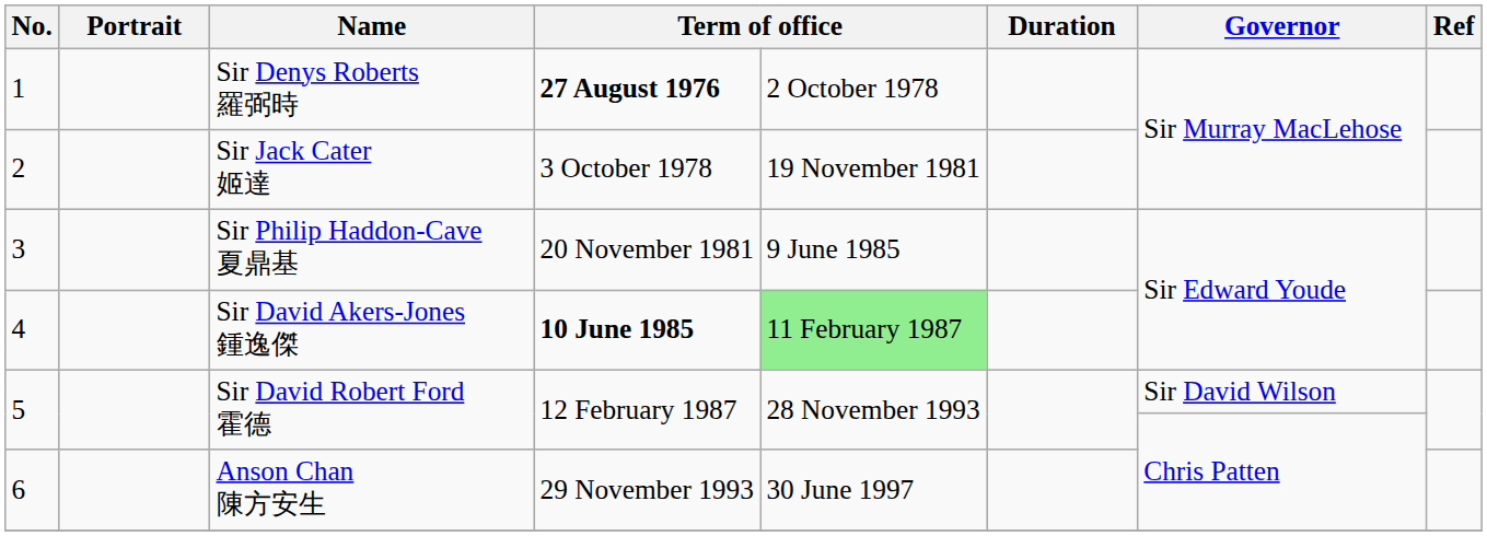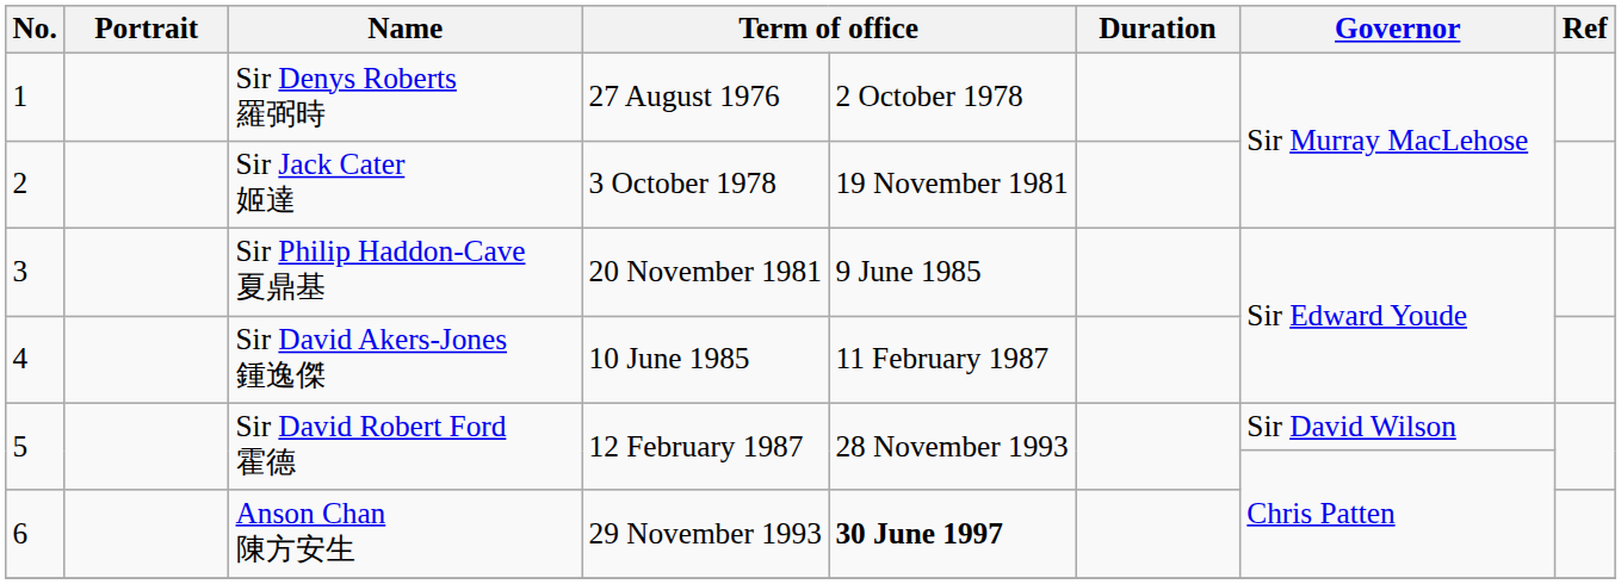 <table class="wikitable"  style="text-align:left">
 <tr>
 <th width=10px>No.</th>
 <th width=80px>Portrait</th>
 <th width=180px>Name</th>
 <th width=180px colspan=2>Term of office</th>
 <th width=80px>Duration</th>
 <th width=160px><a href='#'>Governor</a></th>
 <th>Ref</th>
 </tr>
 <tr>
 <td>1</td>
 <td></td>
 <td>Sir <a href='#'>Denys Roberts</a><br>羅弼時</td>
-<td><strong>27 August 1976</strong></td>
+<td>27 August 1976</td>
 <td>2 October 1978</td>
 <td></td>
 <td rowspan="3">Sir <a href='#'>Murray MacLehose</a><br></td>
 <td></td>
 </tr>
 <tr>
 <td>2</td>
 <td></td>
 <td>Sir <a href='#'>Jack Cater</a><br>姬達</td>
 <td>3 October 1978</td>
 <td>19 November 1981</td>
 <td></td>
 <td></td>
 </tr>
 <tr>
 <td rowspan="2">3</td>
 <td rowspan="2"></td>
 <td rowspan="2">Sir <a href='#'>Philip Haddon-Cave</a><br>夏鼎基</td>
 <td rowspan="2">20 November 1981</td>
 <td rowspan="2">9 June 1985</td>
 <td rowspan="2"></td>
 <td rowspan="2"></td>
 </tr>
 <tr>
 <td rowspan=2>Sir <a href='#'>Edward Youde</a><br></td>
 </tr>
 <tr>
 <td>4</td>
 <td></td>
 <td>Sir <a href='#'>David Akers-Jones</a><br>鍾逸傑</td>
-<td><strong>10 June 1985</strong></td>
-<td style="background: lightgreen;">11 February 1987</td>
+<td>10 June 1985</td>
+<td>11 February 1987</td>
 <td></td>
 <td></td>
 </tr>
 <tr>
 <td rowspan=2>5</td>
 <td rowspan=2></td>
 <td rowspan=2>Sir <a href='#'>David Robert Ford</a><br>霍德</td>
 <td rowspan=2>12 February 1987</td>
 <td rowspan=2>28 November 1993</td>
 <td rowspan=2></td>
 <td>Sir <a href='#'>David Wilson</a><br></td>
 <td rowspan=2></td>
 </tr>
 <tr>
 <td rowspan=2><a href='#'>Chris Patten</a><br></td>
 </tr>
 <tr>
 <td>6</td>
 <td></td>
 <td><a href='#'>Anson Chan</a><br>陳方安生</td>
 <td>29 November 1993</td>
-<td>30 June 1997</td>
+<td><strong>30 June 1997</strong></td>
 <td></td>
 <td></td>
 </tr>
 <tr>
 </tr>
 </table>
